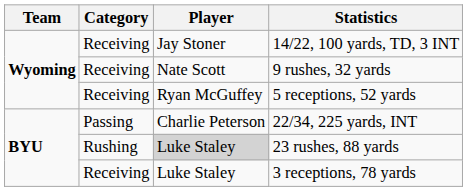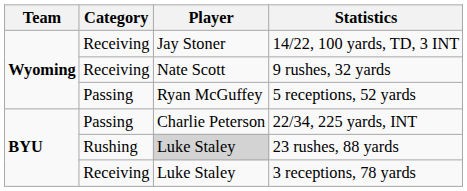 <table class="wikitable" style="float: left;">
 <tr>
 <th>Team</th>
 <th>Category</th>
 <th>Player</th>
 <th>Statistics</th>
 </tr>
 <tr>
 <td rowspan=3><strong>Wyoming</strong></td>
 <td>Receiving</td>
 <td>Jay Stoner</td>
 <td>14/22, 100 yards, TD, 3 INT</td>
 </tr>
 <tr>
 <td>Receiving</td>
 <td>Nate Scott</td>
 <td>9 rushes, 32 yards</td>
 </tr>
 <tr>
-<td>Receiving</td>
+<td>Passing</td>
 <td>Ryan McGuffey</td>
 <td>5 receptions, 52 yards</td>
 </tr>
 <tr>
 <td rowspan=3><strong>BYU</strong></td>
 <td>Passing</td>
 <td>Charlie Peterson</td>
 <td>22/34, 225 yards, INT</td>
 </tr>
 <tr>
 <td>Rushing</td>
 <td style="background: lightgrey;">Luke Staley</td>
 <td>23 rushes, 88 yards</td>
 </tr>
 <tr>
 <td>Receiving</td>
 <td>Luke Staley</td>
 <td>3 receptions, 78 yards</td>
 </tr>
 </table>
